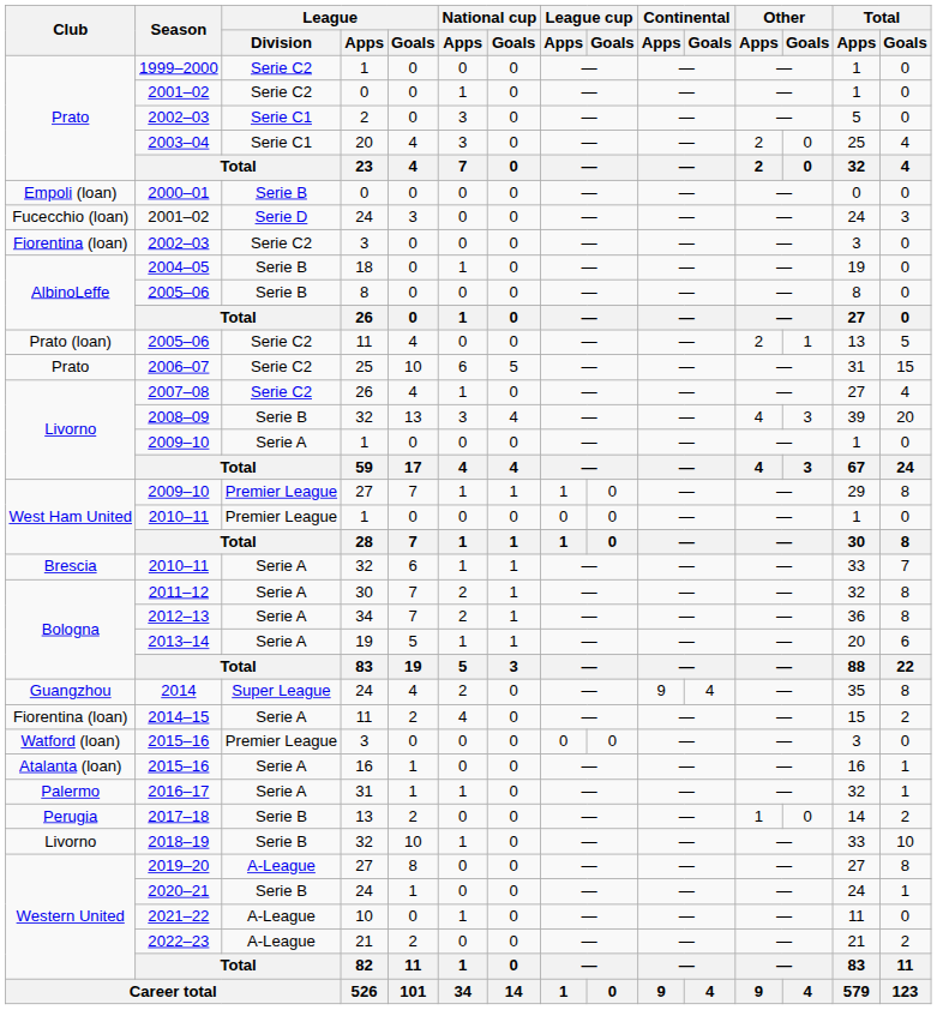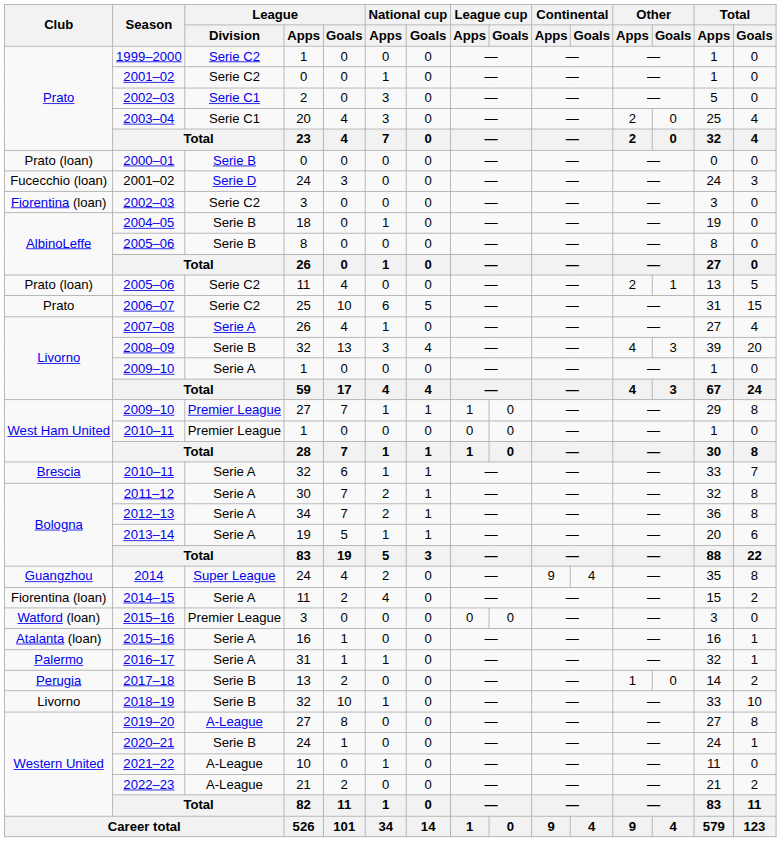 <table class="wikitable" style="text-align: center;">
 <tr>
 <th rowspan="2">Club</th>
 <th rowspan="2">Season</th>
 <th colspan="3">League</th>
 <th colspan="2">National cup</th>
 <th colspan="2">League cup</th>
 <th colspan="2">Continental</th>
 <th colspan="2">Other</th>
 <th colspan="2">Total</th>
 </tr>
 <tr>
 <th>Division</th>
 <th>Apps</th>
 <th>Goals</th>
 <th>Apps</th>
 <th>Goals</th>
 <th>Apps</th>
 <th>Goals</th>
 <th>Apps</th>
 <th>Goals</th>
 <th>Apps</th>
 <th>Goals</th>
 <th>Apps</th>
 <th>Goals</th>
 </tr>
 <tr>
 <td rowspan="5"><a href='#'>Prato</a></td>
 <td><a href='#'>1999–2000</a></td>
 <td><a href='#'>Serie C2</a></td>
 <td>1</td>
 <td>0</td>
 <td>0</td>
 <td>0</td>
 <td colspan="2“">—</td>
 <td colspan="2“">—</td>
 <td colspan="2">—</td>
 <td>1</td>
 <td>0</td>
 </tr>
 <tr>
 <td><a href='#'>2001–02</a></td>
 <td>Serie C2</td>
 <td>0</td>
 <td>0</td>
 <td>1</td>
 <td>0</td>
 <td colspan="2“">—</td>
 <td colspan="2“">—</td>
 <td colspan="2">—</td>
 <td>1</td>
 <td>0</td>
 </tr>
 <tr>
 <td><a href='#'>2002–03</a></td>
 <td><a href='#'>Serie C1</a></td>
 <td>2</td>
 <td>0</td>
 <td>3</td>
 <td>0</td>
 <td colspan="2“">—</td>
 <td colspan="2“">—</td>
 <td colspan="2">—</td>
 <td>5</td>
 <td>0</td>
 </tr>
 <tr>
 <td><a href='#'>2003–04</a></td>
 <td>Serie C1</td>
 <td>20</td>
 <td>4</td>
 <td>3</td>
 <td>0</td>
 <td colspan="2“">—</td>
 <td colspan="2">—</td>
 <td>2</td>
 <td>0</td>
 <td>25</td>
 <td>4</td>
 </tr>
 <tr>
 <th colspan="2">Total</th>
 <th>23</th>
 <th>4</th>
 <th>7</th>
 <th>0</th>
 <th colspan="2“">—</th>
 <th colspan="2“">—</th>
 <th>2</th>
 <th>0</th>
 <th>32</th>
 <th>4</th>
 </tr>
 <tr>
-<td><a href='#'>Empoli</a> (loan)</td>
+<td>Prato (loan)</td>
 <td><a href='#'>2000–01</a></td>
 <td><a href='#'>Serie B</a></td>
 <td>0</td>
 <td>0</td>
 <td>0</td>
 <td>0</td>
 <td colspan="2“">—</td>
 <td colspan="2“">—</td>
 <td colspan="2">—</td>
 <td>0</td>
 <td>0</td>
 </tr>
 <tr>
 <td>Fucecchio (loan)</td>
 <td>2001–02</td>
 <td><a href='#'>Serie D</a></td>
 <td>24</td>
 <td>3</td>
 <td>0</td>
 <td>0</td>
 <td colspan="2“">—</td>
 <td colspan="2“">—</td>
 <td colspan="2">—</td>
 <td>24</td>
 <td>3</td>
 </tr>
 <tr>
 <td><a href='#'>Fiorentina</a> (loan)</td>
 <td><a href='#'>2002–03</a></td>
 <td>Serie C2</td>
 <td>3</td>
 <td>0</td>
 <td>0</td>
 <td>0</td>
 <td colspan="2“">—</td>
 <td colspan="2“">—</td>
 <td colspan="2">—</td>
 <td>3</td>
 <td>0</td>
 </tr>
 <tr>
 <td rowspan="3"><a href='#'>AlbinoLeffe</a></td>
 <td><a href='#'>2004–05</a></td>
 <td>Serie B</td>
 <td>18</td>
 <td>0</td>
 <td>1</td>
 <td>0</td>
 <td colspan="2“">—</td>
 <td colspan="2“">—</td>
 <td colspan="2">—</td>
 <td>19</td>
 <td>0</td>
 </tr>
 <tr>
 <td><a href='#'>2005–06</a></td>
 <td>Serie B</td>
 <td>8</td>
 <td>0</td>
 <td>0</td>
 <td>0</td>
 <td colspan="2“">—</td>
 <td colspan="2“">—</td>
 <td colspan="2">—</td>
 <td>8</td>
 <td>0</td>
 </tr>
 <tr>
 <th colspan="2">Total</th>
 <th>26</th>
 <th>0</th>
 <th>1</th>
 <th>0</th>
 <th colspan="2“">—</th>
 <th colspan="2“">—</th>
 <th colspan="2“">—</th>
 <th>27</th>
 <th>0</th>
 </tr>
 <tr>
 <td>Prato (loan)</td>
 <td><a href='#'>2005–06</a></td>
 <td>Serie C2</td>
 <td>11</td>
 <td>4</td>
 <td>0</td>
 <td>0</td>
 <td colspan="2“">—</td>
 <td colspan="2">—</td>
 <td>2</td>
 <td>1</td>
 <td>13</td>
 <td>5</td>
 </tr>
 <tr>
 <td>Prato</td>
 <td><a href='#'>2006–07</a></td>
 <td>Serie C2</td>
 <td>25</td>
 <td>10</td>
 <td>6</td>
 <td>5</td>
 <td colspan="2“">—</td>
 <td colspan="2“">—</td>
 <td colspan="2">—</td>
 <td>31</td>
 <td>15</td>
 </tr>
 <tr>
 <td rowspan="4"><a href='#'>Livorno</a></td>
 <td><a href='#'>2007–08</a></td>
-<td><a href='#'>Serie C2</a></td>
+<td><a href='#'>Serie A</a></td>
 <td>26</td>
 <td>4</td>
 <td>1</td>
 <td>0</td>
 <td colspan="2“">—</td>
 <td colspan="2“">—</td>
 <td colspan="2">—</td>
 <td>27</td>
 <td>4</td>
 </tr>
 <tr>
 <td><a href='#'>2008–09</a></td>
 <td>Serie B</td>
 <td>32</td>
 <td>13</td>
 <td>3</td>
 <td>4</td>
 <td colspan="2“">—</td>
 <td colspan="2">—</td>
 <td>4</td>
 <td>3</td>
 <td>39</td>
 <td>20</td>
 </tr>
 <tr>
 <td><a href='#'>2009–10</a></td>
 <td>Serie A</td>
 <td>1</td>
 <td>0</td>
 <td>0</td>
 <td>0</td>
 <td colspan="2“">—</td>
 <td colspan="2“">—</td>
 <td colspan="2">—</td>
 <td>1</td>
 <td>0</td>
 </tr>
 <tr>
 <th colspan="2">Total</th>
 <th>59</th>
 <th>17</th>
 <th>4</th>
 <th>4</th>
 <th colspan="2“">—</th>
 <th colspan="2“">—</th>
 <th>4</th>
 <th>3</th>
 <th>67</th>
 <th>24</th>
 </tr>
 <tr>
 <td rowspan="3"><a href='#'>West Ham United</a></td>
 <td><a href='#'>2009–10</a></td>
 <td><a href='#'>Premier League</a></td>
 <td>27</td>
 <td>7</td>
 <td>1</td>
 <td>1</td>
 <td>1</td>
 <td>0</td>
 <td colspan="2“">—</td>
 <td colspan="2">—</td>
 <td>29</td>
 <td>8</td>
 </tr>
 <tr>
 <td><a href='#'>2010–11</a></td>
 <td>Premier League</td>
 <td>1</td>
 <td>0</td>
 <td>0</td>
 <td>0</td>
 <td>0</td>
 <td>0</td>
 <td colspan="2“">—</td>
 <td colspan="2">—</td>
 <td>1</td>
 <td>0</td>
 </tr>
 <tr>
 <th colspan="2">Total</th>
 <th>28</th>
 <th>7</th>
 <th>1</th>
 <th>1</th>
 <th>1</th>
 <th>0</th>
 <th colspan="2“">—</th>
 <th colspan="2“">—</th>
 <th>30</th>
 <th>8</th>
 </tr>
 <tr>
 <td><a href='#'>Brescia</a></td>
 <td><a href='#'>2010–11</a></td>
 <td>Serie A</td>
 <td>32</td>
 <td>6</td>
 <td>1</td>
 <td>1</td>
 <td colspan="2“">—</td>
 <td colspan="2“">—</td>
 <td colspan="2">—</td>
 <td>33</td>
 <td>7</td>
 </tr>
 <tr>
 <td rowspan="4"><a href='#'>Bologna</a></td>
 <td><a href='#'>2011–12</a></td>
 <td>Serie A</td>
 <td>30</td>
 <td>7</td>
 <td>2</td>
 <td>1</td>
 <td colspan="2“">—</td>
 <td colspan="2“">—</td>
 <td colspan="2">—</td>
 <td>32</td>
 <td>8</td>
 </tr>
 <tr>
 <td><a href='#'>2012–13</a></td>
 <td>Serie A</td>
 <td>34</td>
 <td>7</td>
 <td>2</td>
 <td>1</td>
 <td colspan="2“">—</td>
 <td colspan="2“">—</td>
 <td colspan="2">—</td>
 <td>36</td>
 <td>8</td>
 </tr>
 <tr>
 <td><a href='#'>2013–14</a></td>
 <td>Serie A</td>
 <td>19</td>
 <td>5</td>
 <td>1</td>
 <td>1</td>
 <td colspan="2“">—</td>
 <td colspan="2“">—</td>
 <td colspan="2">—</td>
 <td>20</td>
 <td>6</td>
 </tr>
 <tr>
 <th colspan="2">Total</th>
 <th>83</th>
 <th>19</th>
 <th>5</th>
 <th>3</th>
 <th colspan="2“">—</th>
 <th colspan="2“">—</th>
 <th colspan="2“">—</th>
 <th>88</th>
 <th>22</th>
 </tr>
 <tr>
 <td><a href='#'>Guangzhou</a></td>
 <td><a href='#'>2014</a></td>
 <td><a href='#'>Super League</a></td>
 <td>24</td>
 <td>4</td>
 <td>2</td>
 <td>0</td>
 <td colspan="2“">—</td>
 <td>9</td>
 <td>4</td>
 <td colspan="2">—</td>
 <td>35</td>
 <td>8</td>
 </tr>
 <tr>
 <td>Fiorentina (loan)</td>
 <td><a href='#'>2014–15</a></td>
 <td>Serie A</td>
 <td>11</td>
 <td>2</td>
 <td>4</td>
 <td>0</td>
 <td colspan="2“">—</td>
 <td colspan="2“">—</td>
 <td colspan="2">—</td>
 <td>15</td>
 <td>2</td>
 </tr>
 <tr>
 <td><a href='#'>Watford</a> (loan)</td>
 <td><a href='#'>2015–16</a></td>
 <td>Premier League</td>
 <td>3</td>
 <td>0</td>
 <td>0</td>
 <td>0</td>
 <td>0</td>
 <td>0</td>
 <td colspan="2“">—</td>
 <td colspan="2">—</td>
 <td>3</td>
 <td>0</td>
 </tr>
 <tr>
 <td><a href='#'>Atalanta</a> (loan)</td>
 <td><a href='#'>2015–16</a></td>
 <td>Serie A</td>
 <td>16</td>
 <td>1</td>
 <td>0</td>
 <td>0</td>
 <td colspan="2“">—</td>
 <td colspan="2“">—</td>
 <td colspan="2">—</td>
 <td>16</td>
 <td>1</td>
 </tr>
 <tr>
 <td><a href='#'>Palermo</a></td>
 <td><a href='#'>2016–17</a></td>
 <td>Serie A</td>
 <td>31</td>
 <td>1</td>
 <td>1</td>
 <td>0</td>
 <td colspan="2“">—</td>
 <td colspan="2“">—</td>
 <td colspan="2">—</td>
 <td>32</td>
 <td>1</td>
 </tr>
 <tr>
 <td><a href='#'>Perugia</a></td>
 <td><a href='#'>2017–18</a></td>
 <td>Serie B</td>
 <td>13</td>
 <td>2</td>
 <td>0</td>
 <td>0</td>
 <td colspan="2“">—</td>
 <td colspan="2">—</td>
 <td>1</td>
 <td>0</td>
 <td>14</td>
 <td>2</td>
 </tr>
 <tr>
 <td>Livorno</td>
 <td><a href='#'>2018–19</a></td>
 <td>Serie B</td>
 <td>32</td>
 <td>10</td>
 <td>1</td>
 <td>0</td>
 <td colspan="2“">—</td>
 <td colspan="2“">—</td>
 <td colspan="2">—</td>
 <td>33</td>
 <td>10</td>
 </tr>
 <tr>
 <td rowspan="5"><a href='#'>Western United</a></td>
 <td><a href='#'>2019–20</a></td>
 <td><a href='#'>A-League</a></td>
 <td>27</td>
 <td>8</td>
 <td>0</td>
 <td>0</td>
 <td colspan="2“">—</td>
 <td colspan="2">—</td>
 <td colspan="2">—</td>
 <td>27</td>
 <td>8</td>
 </tr>
 <tr>
 <td><a href='#'>2020–21</a></td>
 <td>Serie B</td>
 <td>24</td>
 <td>1</td>
 <td>0</td>
 <td>0</td>
 <td colspan="2“">—</td>
 <td colspan="2">—</td>
 <td colspan="2">—</td>
 <td>24</td>
 <td>1</td>
 </tr>
 <tr>
 <td><a href='#'>2021–22</a></td>
 <td>A-League</td>
 <td>10</td>
 <td>0</td>
 <td>1</td>
 <td>0</td>
 <td colspan="2“">—</td>
 <td colspan="2">—</td>
 <td colspan="2">—</td>
 <td>11</td>
 <td>0</td>
 </tr>
 <tr>
 <td><a href='#'>2022–23</a></td>
 <td>A-League</td>
 <td>21</td>
 <td>2</td>
 <td>0</td>
 <td>0</td>
 <td colspan="2“">—</td>
 <td colspan="2">—</td>
 <td colspan="2">—</td>
 <td>21</td>
 <td>2</td>
 </tr>
 <tr>
 <th colspan="2">Total</th>
 <th>82</th>
 <th>11</th>
 <th>1</th>
 <th>0</th>
 <th colspan="2“">—</th>
 <th colspan="2“">—</th>
 <th colspan="2“">—</th>
 <th>83</th>
 <th>11</th>
 </tr>
 <tr>
 <th colspan="3">Career total</th>
 <th>526</th>
 <th>101</th>
 <th>34</th>
 <th>14</th>
 <th>1</th>
 <th>0</th>
 <th>9</th>
 <th>4</th>
 <th>9</th>
 <th>4</th>
 <th>579</th>
 <th>123</th>
 </tr>
 </table>
